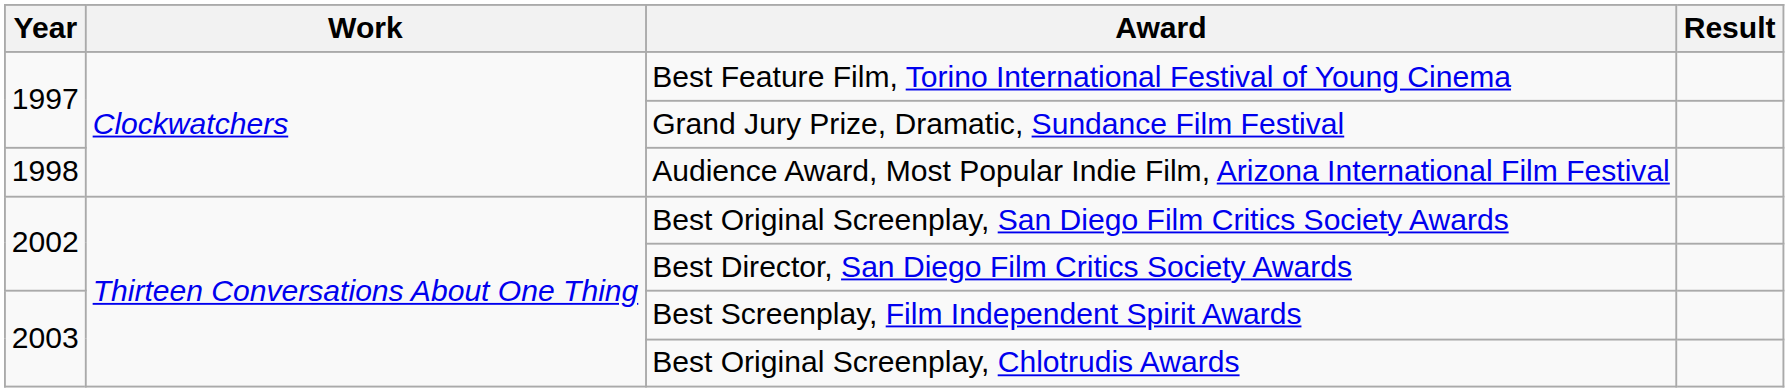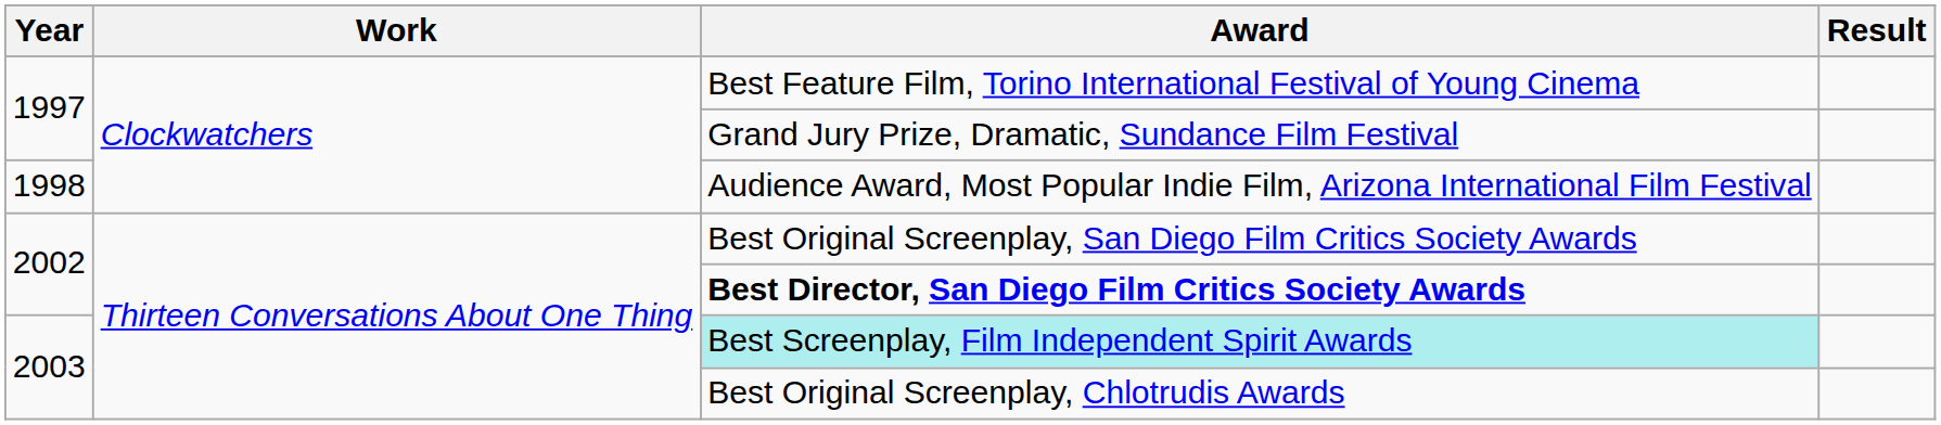 <table class="wikitable">
 <tr>
 <th>Year</th>
 <th>Work</th>
 <th>Award</th>
 <th>Result</th>
 </tr>
 <tr>
 <td rowspan="2">1997</td>
 <td rowspan="3"><em><a href='#'>Clockwatchers</a></em></td>
 <td>Best Feature Film, <a href='#'>Torino International Festival of Young Cinema</a></td>
 <td></td>
 </tr>
 <tr>
 <td>Grand Jury Prize, Dramatic, <a href='#'>Sundance Film Festival</a></td>
 <td></td>
 </tr>
 <tr>
 <td>1998</td>
 <td>Audience Award, Most Popular Indie Film, <a href='#'>Arizona International Film Festival</a></td>
 <td></td>
 </tr>
 <tr>
 <td rowspan="2">2002</td>
 <td rowspan="4"><em><a href='#'>Thirteen Conversations About One Thing</a></em></td>
 <td>Best Original Screenplay, <a href='#'>San Diego Film Critics Society Awards</a></td>
 <td></td>
 </tr>
 <tr>
-<td>Best Director, <a href='#'>San Diego Film Critics Society Awards</a></td>
+<td><strong>Best Director, <a href='#'>San Diego Film Critics Society Awards</a></strong></td>
 <td></td>
 </tr>
 <tr>
 <td rowspan="2">2003</td>
-<td>Best Screenplay, <a href='#'>Film Independent Spirit Awards</a></td>
+<td style="background: paleturquoise;">Best Screenplay, <a href='#'>Film Independent Spirit Awards</a></td>
 <td></td>
 </tr>
 <tr>
 <td>Best Original Screenplay, <a href='#'>Chlotrudis Awards</a></td>
 <td></td>
 </tr>
 </table>
